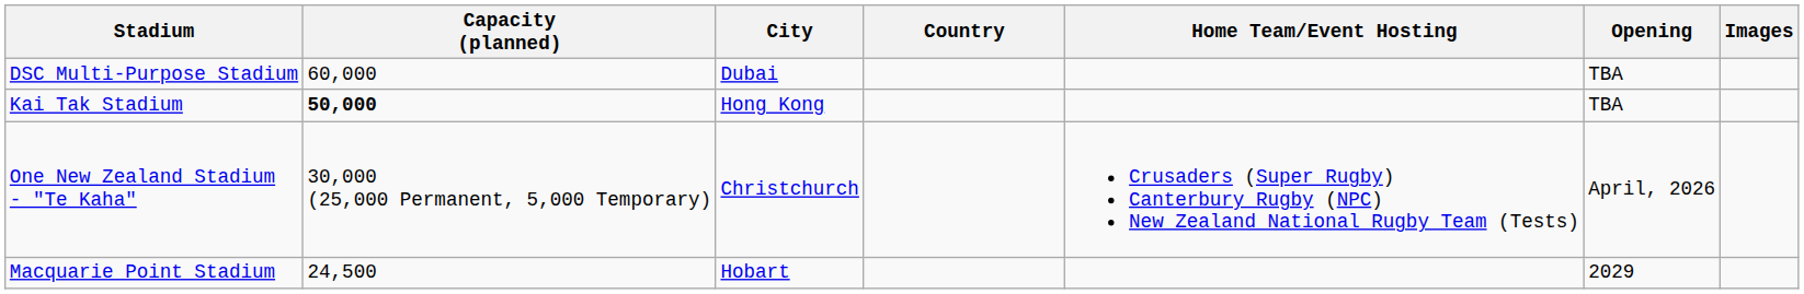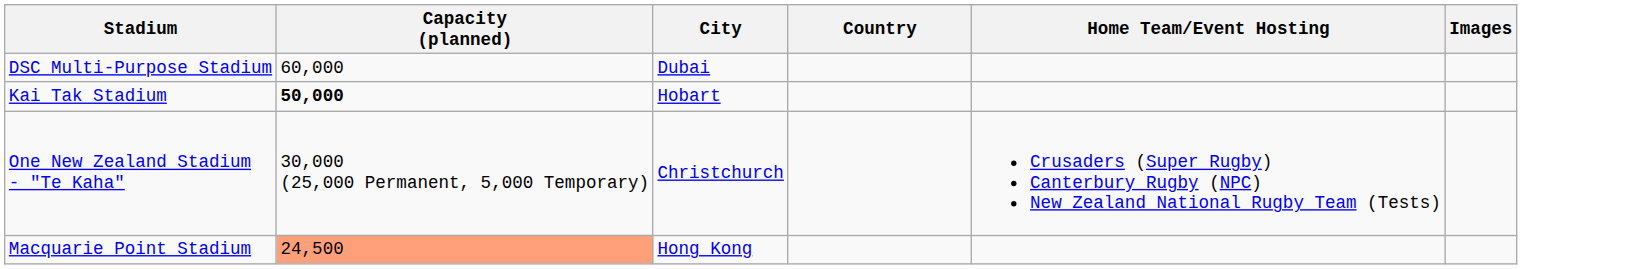 <table class="wikitable sortable">
 <tr>
 <th>Stadium</th>
 <th>Capacity <br> (planned)</th>
 <th>City</th>
 <th style="width:130px;">Country</th>
 <th>Home Team/Event Hosting</th>
-<th>Opening</th>
 <th>Images</th>
 </tr>
 <tr>
 <td><a href='#'>DSC Multi-Purpose Stadium</a></td>
 <td>60,000</td>
 <td><a href='#'>Dubai</a></td>
 <td></td>
 <td></td>
-<td>TBA</td>
 <td></td>
 </tr>
 <tr>
 <td><a href='#'>Kai Tak Stadium</a></td>
 <td><strong>50,000</strong></td>
-<td><a href='#'>Hong Kong</a></td>
+<td><a href='#'>Hobart</a></td>
 <td></td>
 <td></td>
-<td>TBA</td>
 <td></td>
 </tr>
 <tr>
 <td><a href='#'>One New Zealand Stadium</a><br><a href='#'>- "Te Kaha"</a></td>
 <td>30,000<br>(25,000 Permanent, 5,000 Temporary)</td>
 <td><a href='#'>Christchurch</a></td>
 <td></td>
 <td><br><ul><li><a href='#'>Crusaders</a> (<a href='#'>Super Rugby</a>)</li><li><a href='#'>Canterbury Rugby</a> (<a href='#'>NPC</a>)</li><li><a href='#'>New Zealand National Rugby Team</a> (Tests)</li></ul></td>
-<td>April, 2026</td>
 <td></td>
 </tr>
 <tr>
 <td><a href='#'>Macquarie Point Stadium</a></td>
-<td>24,500</td>
-<td><a href='#'>Hobart</a></td>
+<td style="background: lightsalmon;">24,500</td>
+<td><a href='#'>Hong Kong</a></td>
 <td></td>
 <td></td>
-<td>2029</td>
 <td></td>
 </tr>
 </table>
